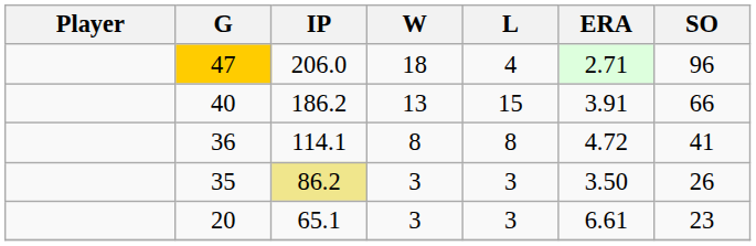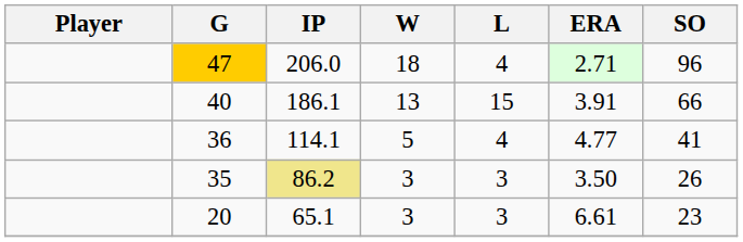 <table class="wikitable sortable">
 <tr>
 <th bgcolor="#DDDDFF" width="16%">Player</th>
 <th bgcolor="#DDDDFF" width="9%">G</th>
 <th bgcolor="#DDDDFF" width="9%">IP</th>
 <th bgcolor="#DDDDFF" width="9%">W</th>
 <th bgcolor="#DDDDFF" width="9%">L</th>
 <th bgcolor="#DDDDFF" width="9%">ERA</th>
 <th bgcolor="#DDDDFF" width="9%">SO</th>
 </tr>
 <tr align="center">
 <td></td>
 <td style="background:#fc0;">47</td>
 <td>206.0</td>
 <td>18</td>
 <td>4</td>
 <td style="background:#DDFFDD;">2.71</td>
 <td>96</td>
 </tr>
 <tr align="center">
 <td></td>
 <td>40</td>
-<td>186.2</td>
+<td>186.1</td>
 <td>13</td>
 <td>15</td>
 <td>3.91</td>
 <td>66</td>
 </tr>
 <tr align="center">
 <td></td>
 <td>36</td>
 <td>114.1</td>
-<td>8</td>
-<td>8</td>
-<td>4.72</td>
+<td>5</td>
+<td>4</td>
+<td>4.77</td>
 <td>41</td>
 </tr>
 <tr align="center">
 <td></td>
 <td>35</td>
 <td style="background: khaki;">86.2</td>
 <td>3</td>
 <td>3</td>
 <td>3.50</td>
 <td>26</td>
 </tr>
 <tr align="center">
 <td></td>
 <td>20</td>
 <td>65.1</td>
 <td>3</td>
 <td>3</td>
 <td>6.61</td>
 <td>23</td>
 </tr>
 <tr align="center">
 </tr>
 </table>
